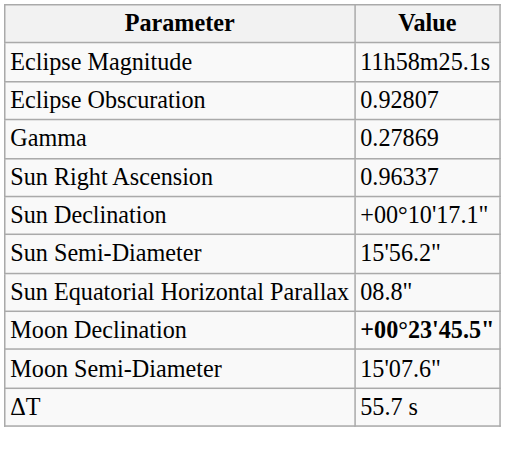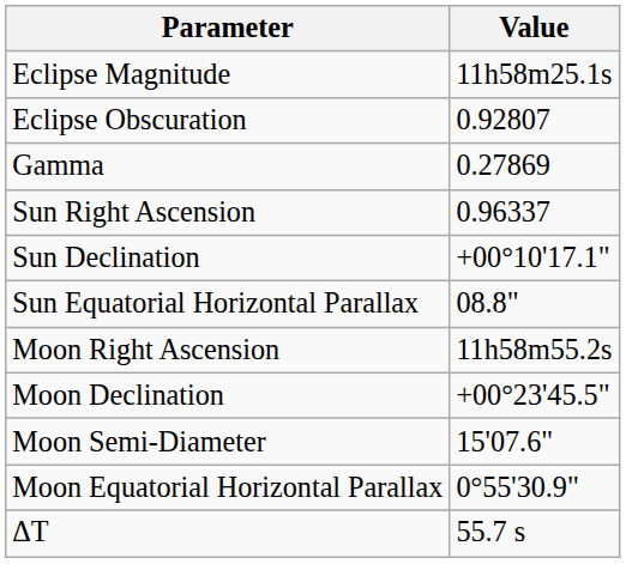 <table class="wikitable">
 <tr>
 <th>Parameter</th>
 <th>Value</th>
 </tr>
 <tr>
 <td>Eclipse Magnitude</td>
 <td>11h58m25.1s</td>
 </tr>
 <tr>
 <td>Eclipse Obscuration</td>
 <td>0.92807</td>
 </tr>
 <tr>
 <td>Gamma</td>
 <td>0.27869</td>
 </tr>
 <tr>
 <td>Sun Right Ascension</td>
 <td>0.96337</td>
 </tr>
 <tr>
 <td>Sun Declination</td>
 <td>+00°10'17.1"</td>
 </tr>
 <tr>
-<td>Sun Semi-Diameter</td>
-<td>15'56.2"</td>
-</tr>
-<tr>
 <td>Sun Equatorial Horizontal Parallax</td>
 <td>08.8"</td>
 </tr>
 <tr>
+<td>Moon Right Ascension</td>
+<td>11h58m55.2s</td>
+</tr>
+<tr>
 <td>Moon Declination</td>
-<td><strong>+00°23'45.5"</strong></td>
+<td>+00°23'45.5"</td>
 </tr>
 <tr>
 <td>Moon Semi-Diameter</td>
 <td>15'07.6"</td>
 </tr>
 <tr>
+<td>Moon Equatorial Horizontal Parallax</td>
+<td>0°55'30.9"</td>
+</tr>
+<tr>
 <td>ΔT</td>
 <td>55.7 s</td>
 </tr>
 </table>
